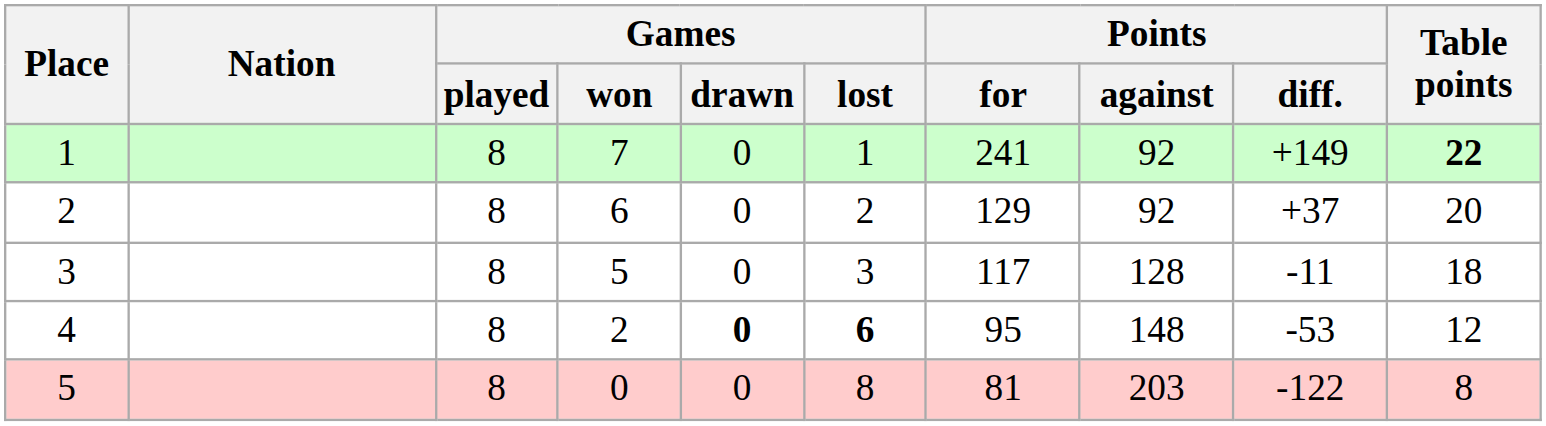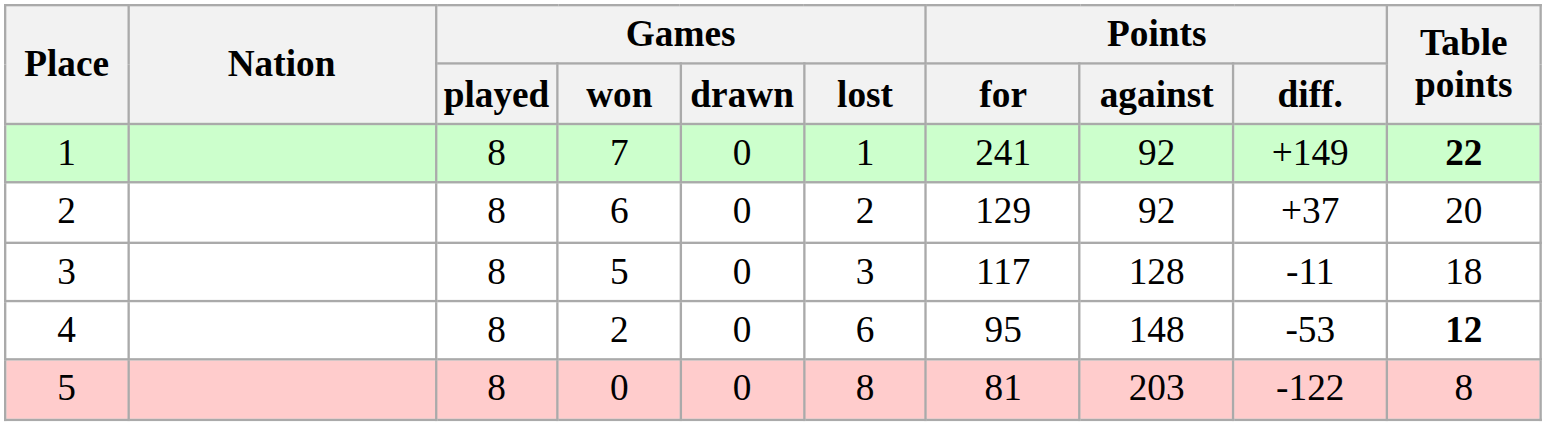 <table class="wikitable">
 <tr>
 <th rowspan="2" style="width:8%;">Place</th>
 <th rowspan="2" style="width:20%;">Nation</th>
 <th colspan="4" style="width:32%;">Games</th>
 <th colspan="3" style="width:30%;">Points</th>
 <th rowspan="2" style="width:10%;">Table<br>points</th>
 </tr>
 <tr>
 <th style="width:8%;">played</th>
 <th style="width:8%;">won</th>
 <th style="width:8%;">drawn</th>
 <th style="width:8%;">lost</th>
 <th style="width:10%;">for</th>
 <th style="width:10%;">against</th>
 <th style="width:10%;">diff.</th>
 </tr>
 <tr style="background:#cfc; text-align:center;">
 <td>1</td>
 <td align=left><strong></strong></td>
 <td>8</td>
 <td>7</td>
 <td>0</td>
 <td>1</td>
 <td>241</td>
 <td>92</td>
 <td>+149</td>
 <td><strong>22</strong></td>
 </tr>
 <tr style="background:#fff; text-align:center;">
 <td>2</td>
 <td align=left></td>
 <td>8</td>
 <td>6</td>
 <td>0</td>
 <td>2</td>
 <td>129</td>
 <td>92</td>
 <td>+37</td>
 <td>20</td>
 </tr>
 <tr style="background:#fff; text-align:center;">
 <td>3</td>
 <td align=left></td>
 <td>8</td>
 <td>5</td>
 <td>0</td>
 <td>3</td>
 <td>117</td>
 <td>128</td>
 <td>-11</td>
 <td>18</td>
 </tr>
 <tr style="background:#fff; text-align:center;">
 <td>4</td>
 <td align=left></td>
 <td>8</td>
 <td>2</td>
-<td><strong>0</strong></td>
-<td><strong>6</strong></td>
+<td>0</td>
+<td>6</td>
 <td>95</td>
 <td>148</td>
 <td>-53</td>
-<td>12</td>
+<td><strong>12</strong></td>
 </tr>
 <tr style="background:#fcc; text-align:center;">
 <td>5</td>
 <td align=left><em></em></td>
 <td>8</td>
 <td>0</td>
 <td>0</td>
 <td>8</td>
 <td>81</td>
 <td>203</td>
 <td>-122</td>
 <td>8</td>
 </tr>
 </table>
